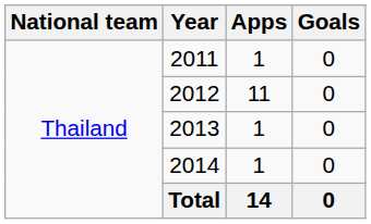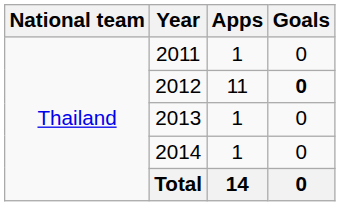 <table class="wikitable" style="text-align:center">
 <tr>
 <th>National team</th>
 <th>Year</th>
 <th>Apps</th>
 <th>Goals</th>
 </tr>
 <tr>
 <td rowspan="5" valign="center"><a href='#'>Thailand</a></td>
 <td>2011</td>
 <td>1</td>
 <td>0</td>
 </tr>
 <tr>
 <td>2012</td>
 <td>11</td>
-<td>0</td>
+<td><strong>0</strong></td>
 </tr>
 <tr>
 <td>2013</td>
 <td>1</td>
 <td>0</td>
 </tr>
 <tr>
 <td>2014</td>
 <td>1</td>
 <td>0</td>
 </tr>
 <tr>
 <th>Total</th>
 <th>14</th>
 <th>0</th>
 </tr>
 </table>
